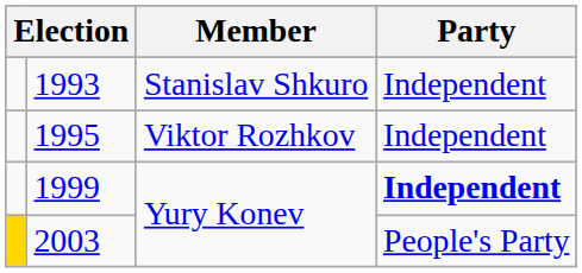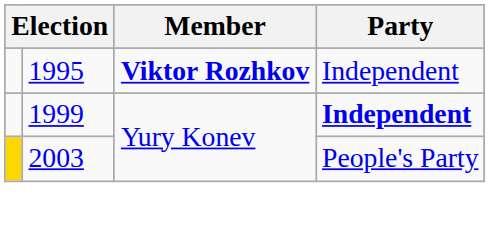 <table class="wikitable">
 <tr>
 <th colspan="2">Election</th>
 <th>Member</th>
 <th>Party</th>
 </tr>
 <tr>
 <td style="background-color:"></td>
-<td><a href='#'>1993</a></td>
-<td><a href='#'>Stanislav Shkuro</a></td>
-<td><a href='#'>Independent</a></td>
-</tr>
-<tr>
-<td style="background-color:"></td>
 <td><a href='#'>1995</a></td>
-<td><a href='#'>Viktor Rozhkov</a></td>
+<td><strong><a href='#'>Viktor Rozhkov</a></strong></td>
 <td><a href='#'>Independent</a></td>
 </tr>
 <tr>
 <td style="background-color:"></td>
 <td><a href='#'>1999</a></td>
 <td rowspan=2><a href='#'>Yury Konev</a></td>
 <td><strong><a href='#'>Independent</a></strong></td>
 </tr>
 <tr>
 <td style="background-color:#FFD700"></td>
 <td><a href='#'>2003</a></td>
 <td><a href='#'>People's Party</a></td>
 </tr>
 </table>
